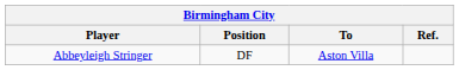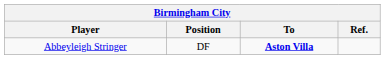 <table class="wikitable sortable collapsible collapsed" style="font-size:95%; text-align: center; width: 90%;">
 <tr>
 <th colspan="4"  style="with:100%; text-align:center;"><strong><a href='#'>Birmingham City</a></strong></th>
 </tr>
 <tr>
 <th>Player</th>
 <th>Position</th>
 <th>To</th>
 <th>Ref.</th>
 </tr>
 <tr>
 <td> <a href='#'>Abbeyleigh Stringer</a></td>
 <td>DF</td>
-<td><a href='#'>Aston Villa</a></td>
+<td><strong><a href='#'>Aston Villa</a></strong></td>
 <td></td>
 </tr>
 </table>
